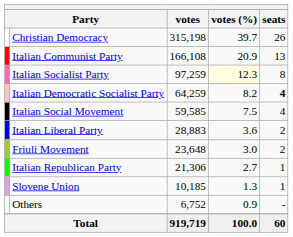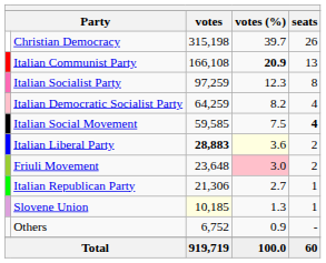 <table class="wikitable" style="font-size:95%">
 <tr>
 <th colspan=5></th>
 </tr>
 <tr>
 </tr>
 <tr bgcolor="EFEFEF">
 <th colspan=2>Party</th>
 <th>votes</th>
 <th>votes (%)</th>
 <th>seats</th>
 </tr>
 <tr>
 <td bgcolor=White></td>
 <td><a href='#'>Christian Democracy</a></td>
 <td align=right>315,198</td>
 <td align=right>39.7</td>
 <td align=right>26</td>
 </tr>
 <tr>
 <td bgcolor=Red></td>
 <td><a href='#'>Italian Communist Party</a></td>
 <td align=right>166,108</td>
-<td align=right>20.9</td>
+<td align=right><strong>20.9</strong></td>
 <td align=right>13</td>
 </tr>
 <tr>
 <td bgcolor=Hotpink></td>
 <td><a href='#'>Italian Socialist Party</a></td>
 <td align=right>97,259</td>
-<td align=right style="background: lightyellow;">12.3</td>
+<td align=right>12.3</td>
 <td align=right>8</td>
 </tr>
 <tr>
 <td bgcolor=Pink></td>
 <td><a href='#'>Italian Democratic Socialist Party</a></td>
 <td align=right>64,259</td>
 <td align=right>8.2</td>
-<td align=right><strong>4</strong></td>
+<td align=right>4</td>
 </tr>
 <tr>
 <td bgcolor=Black></td>
 <td><a href='#'>Italian Social Movement</a></td>
 <td align=right>59,585</td>
 <td align=right>7.5</td>
-<td align=right>4</td>
+<td align=right><strong>4</strong></td>
 </tr>
 <tr>
 <td bgcolor=Blue></td>
 <td><a href='#'>Italian Liberal Party</a></td>
-<td align=right>28,883</td>
-<td align=right>3.6</td>
+<td align=right><strong>28,883</strong></td>
+<td align=right style="background: lightyellow;">3.6</td>
 <td align=right>2</td>
 </tr>
 <tr>
 <td bgcolor=Yellowgreen></td>
 <td><a href='#'>Friuli Movement</a></td>
 <td align=right>23,648</td>
-<td align=right>3.0</td>
+<td align=right style="background: pink;">3.0</td>
 <td align=right>2</td>
 </tr>
 <tr>
 <td bgcolor=Lime></td>
 <td><a href='#'>Italian Republican Party</a></td>
 <td align=right>21,306</td>
 <td align=right>2.7</td>
 <td align=right>1</td>
 </tr>
 <tr>
 <td bgcolor=Plum></td>
 <td><a href='#'>Slovene Union</a></td>
-<td align=right>10,185</td>
+<td align=right style="background: lightyellow;">10,185</td>
 <td align=right>1.3</td>
 <td align=right>1</td>
 </tr>
 <tr>
 <td bgcolor=></td>
 <td>Others</td>
 <td align=right>6,752</td>
 <td align=right>0.9</td>
 <td align=right>-</td>
 </tr>
 <tr>
 </tr>
 <tr bgcolor="EFEFEF">
 <th colspan=2><strong>Total</strong></th>
 <td align=right><strong>919,719</strong></td>
 <td align=right><strong>100.0</strong></td>
 <td align=right><strong>60</strong></td>
 </tr>
 </table>
